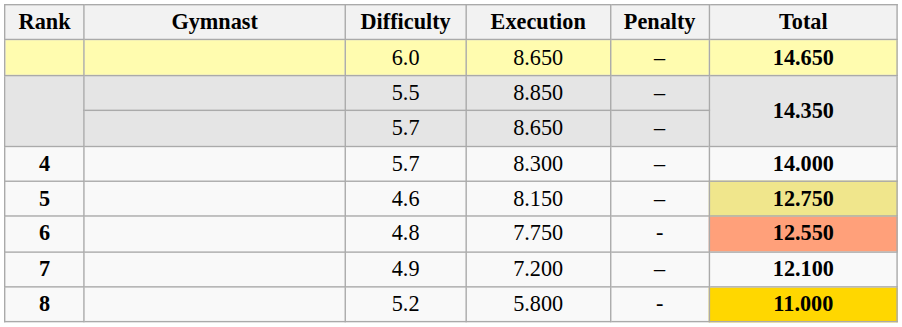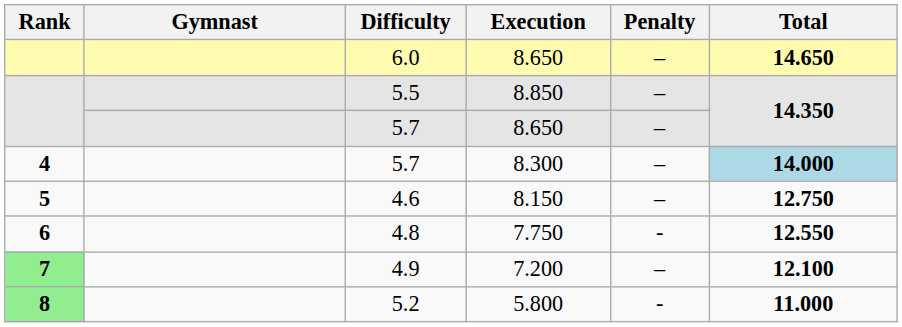 <table class="wikitable sortable" style="text-align:center">
 <tr>
 <th scope="col" style="width:50px;">Rank</th>
 <th scope="col" style="width:180px;">Gymnast</th>
 <th scope="col" style="width:5em">Difficulty</th>
 <th style="width:6em">Execution</th>
 <th style="width:4em">Penalty</th>
 <th style="width:8em">Total</th>
 </tr>
 <tr style="background:#fffcaf;">
 <td></td>
 <td align=left></td>
 <td>6.0</td>
 <td>8.650</td>
 <td>–</td>
 <td><strong>14.650</strong></td>
 </tr>
 <tr style="background:#e5e5e5;">
 <td rowspan="2"></td>
 <td align=left></td>
 <td>5.5</td>
 <td>8.850</td>
 <td>–</td>
 <td rowspan="2"><strong>14.350</strong></td>
 </tr>
 <tr style="background:#e5e5e5;">
 <td align=left></td>
 <td>5.7</td>
 <td>8.650</td>
 <td>–</td>
 </tr>
 <tr>
 <td><strong>4</strong></td>
 <td align=left></td>
 <td>5.7</td>
 <td>8.300</td>
 <td>–</td>
-<td><strong>14.000</strong></td>
+<td style="background: lightblue;"><strong>14.000</strong></td>
 </tr>
 <tr>
 <td><strong>5</strong></td>
 <td align=left></td>
 <td>4.6</td>
 <td>8.150</td>
 <td>–</td>
-<td style="background: khaki;"><strong>12.750</strong></td>
+<td><strong>12.750</strong></td>
 </tr>
 <tr>
 <td><strong>6</strong></td>
 <td align=left></td>
 <td>4.8</td>
 <td>7.750</td>
 <td>-</td>
-<td style="background: lightsalmon;"><strong>12.550</strong></td>
+<td><strong>12.550</strong></td>
 </tr>
 <tr>
-<td><strong>7</strong></td>
+<td style="background: lightgreen;"><strong>7</strong></td>
 <td align=left></td>
 <td>4.9</td>
 <td>7.200</td>
 <td>–</td>
 <td><strong>12.100</strong></td>
 </tr>
 <tr>
-<td><strong>8</strong></td>
+<td style="background: lightgreen;"><strong>8</strong></td>
 <td align=left></td>
 <td>5.2</td>
 <td>5.800</td>
 <td>-</td>
-<td style="background: gold;"><strong>11.000</strong></td>
+<td><strong>11.000</strong></td>
 </tr>
 </table>
